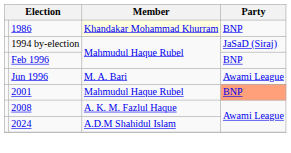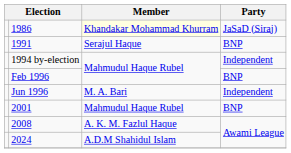 <table class="wikitable">
 <tr>
 <th colspan="2">Election</th>
 <th>Member</th>
 <th>Party</th>
 </tr>
 <tr>
 <td style="background-color:"></td>
 <td><a href='#'>1986</a></td>
 <td style="background: lightyellow;"><a href='#'>Khandakar Mohammad Khurram</a></td>
+<td><a href='#'>JaSaD (Siraj)</a></td>
+</tr>
+<tr>
+<td style="background-color:"></td>
+<td><a href='#'>1991</a></td>
+<td><a href='#'>Serajul Haque</a></td>
 <td><a href='#'>BNP</a></td>
 </tr>
 <tr>
 <td style="background-color:"></td>
 <td>1994 by-election</td>
 <td rowspan="2"><a href='#'>Mahmudul Haque Rubel</a></td>
-<td><a href='#'>JaSaD (Siraj)</a></td>
+<td><a href='#'>Independent</a></td>
 </tr>
 <tr>
 <td style="background-color:"></td>
 <td><a href='#'>Feb 1996</a></td>
 <td><a href='#'>BNP</a></td>
 </tr>
 <tr>
 <td style="background-color:"></td>
 <td><a href='#'>Jun 1996</a></td>
 <td><a href='#'>M. A. Bari</a></td>
-<td><a href='#'>Awami League</a></td>
+<td><a href='#'>Independent</a></td>
 </tr>
 <tr>
 <td style="background-color:"></td>
 <td><a href='#'>2001</a></td>
 <td><a href='#'>Mahmudul Haque Rubel</a></td>
-<td style="background: lightsalmon;"><a href='#'>BNP</a></td>
+<td><a href='#'>BNP</a></td>
 </tr>
 <tr>
 <td style="background-color:"></td>
 <td><a href='#'>2008</a></td>
 <td><a href='#'>A. K. M. Fazlul Haque</a></td>
 <td rowspan="2"><a href='#'>Awami League</a></td>
 </tr>
 <tr>
 <td style="background-color:"></td>
 <td><a href='#'>2024</a></td>
 <td><a href='#'>A.D.M Shahidul Islam</a></td>
 </tr>
 <tr>
 </tr>
 </table>
